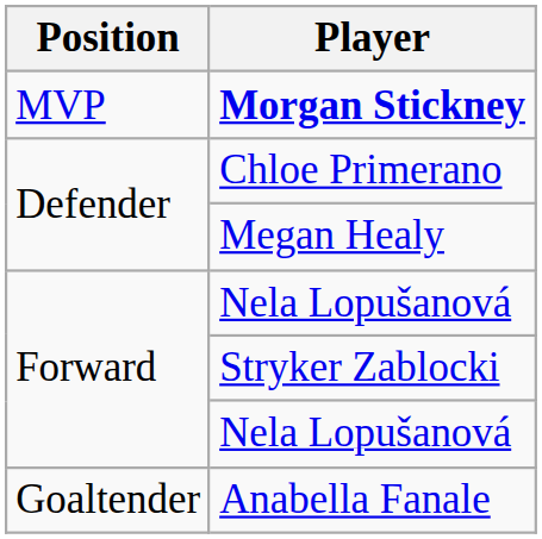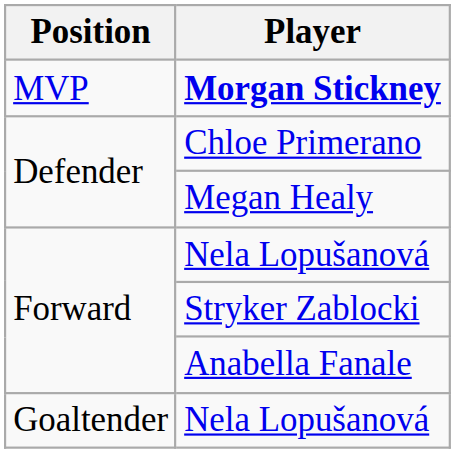 <table class="wikitable">
 <tr>
 <th>Position</th>
 <th>Player</th>
 </tr>
 <tr>
 <td><a href='#'>MVP</a></td>
 <td><strong> <a href='#'>Morgan Stickney</a></strong></td>
 </tr>
 <tr>
 <td rowspan=2>Defender</td>
 <td> <a href='#'>Chloe Primerano</a></td>
 </tr>
 <tr>
 <td> <a href='#'>Megan Healy</a></td>
 </tr>
 <tr>
 <td rowspan=3>Forward</td>
 <td> <a href='#'>Nela Lopušanová</a></td>
 </tr>
 <tr>
 <td> <a href='#'>Stryker Zablocki</a></td>
 </tr>
 <tr>
-<td> <a href='#'>Nela Lopušanová</a></td>
+<td> <a href='#'>Anabella Fanale</a></td>
 </tr>
 <tr>
 <td>Goaltender</td>
-<td> <a href='#'>Anabella Fanale</a></td>
+<td> <a href='#'>Nela Lopušanová</a></td>
 </tr>
 </table>
